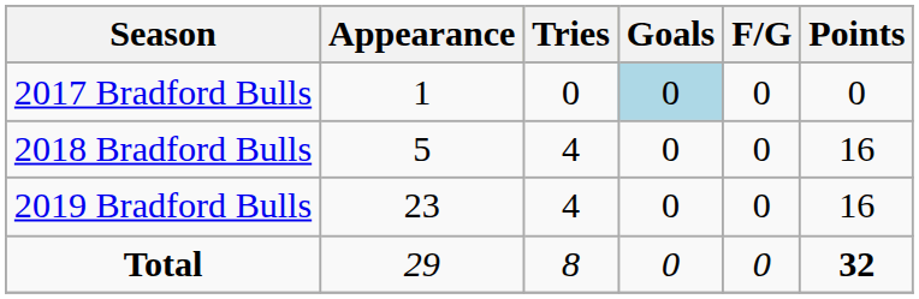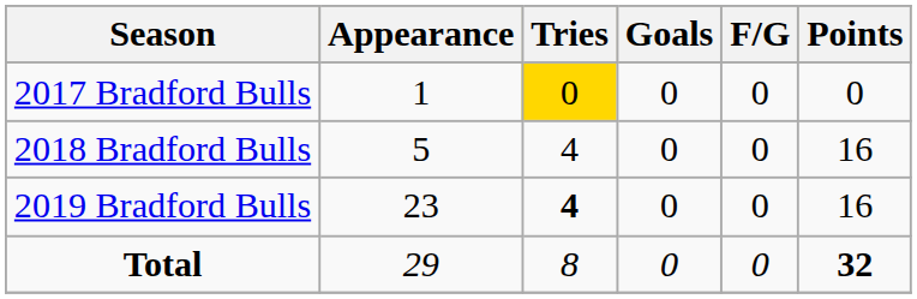 <table class="wikitable" style="text-align:center;">
 <tr bgcolor=#bdb76b>
 <th>Season</th>
 <th>Appearance</th>
 <th>Tries</th>
 <th>Goals</th>
 <th>F/G</th>
 <th>Points</th>
 </tr>
 <tr>
 <td><a href='#'>2017 Bradford Bulls</a></td>
 <td>1</td>
+<td style="background: gold;">0</td>
 <td>0</td>
-<td style="background: lightblue;">0</td>
 <td>0</td>
 <td>0</td>
 </tr>
 <tr>
 <td><a href='#'>2018 Bradford Bulls</a></td>
 <td>5</td>
 <td>4</td>
 <td>0</td>
 <td>0</td>
 <td>16</td>
 </tr>
 <tr>
 <td><a href='#'>2019 Bradford Bulls</a></td>
 <td>23</td>
-<td>4</td>
+<td><strong>4</strong></td>
 <td>0</td>
 <td>0</td>
 <td>16</td>
 </tr>
 <tr>
 <td><strong>Total</strong></td>
 <td><em>29</em></td>
 <td><em>8</em></td>
 <td><em>0</em></td>
 <td><em>0</em></td>
 <td><strong>32</strong></td>
 </tr>
 <tr>
 </tr>
 </table>
